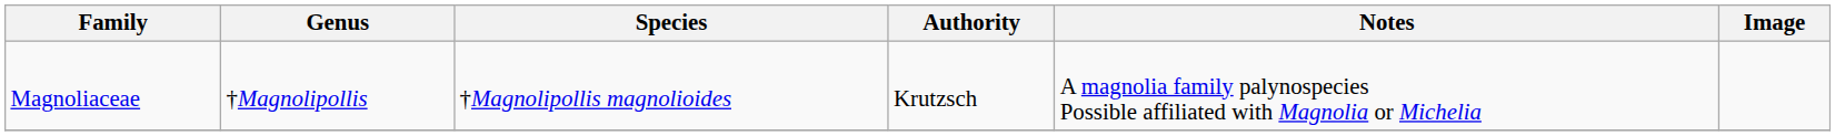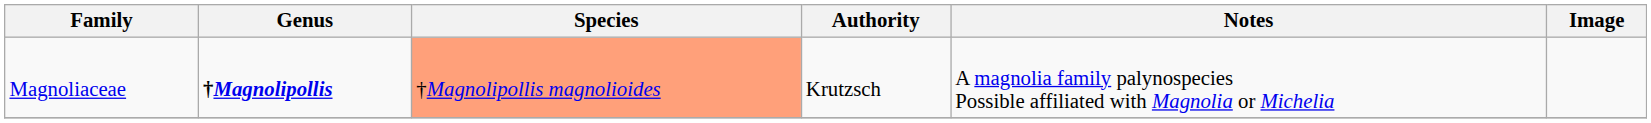 <table class="wikitable" align="center" width="100%">
 <tr>
 <th>Family</th>
 <th>Genus</th>
 <th>Species</th>
 <th>Authority</th>
 <th>Notes</th>
 <th>Image</th>
 </tr>
 <tr>
 <td><br><a href='#'>Magnoliaceae</a></td>
-<td><br>†<em><a href='#'>Magnolipollis</a></em></td>
-<td><br>†<em><a href='#'>Magnolipollis magnolioides</a></em></td>
+<td><strong><br>†<em><a href='#'>Magnolipollis</a></em></strong></td>
+<td style="background: lightsalmon;"><br>†<em><a href='#'>Magnolipollis magnolioides</a></em></td>
 <td><br>Krutzsch</td>
 <td><br>A <a href='#'>magnolia family</a> palynospecies<br> Possible affiliated with <em><a href='#'>Magnolia</a></em> or <em><a href='#'>Michelia</a></em></td>
 <td></td>
 </tr>
 <tr>
 </tr>
 </table>
